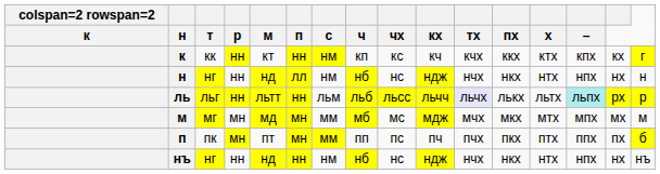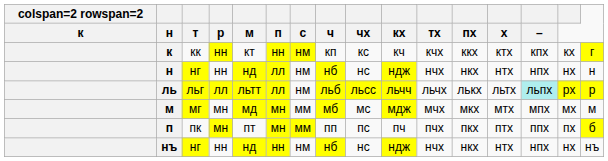 <table class=wikitable width=800 style="text-align:center">
 <tr>
 <th>colspan=2 rowspan=2 </th>
 <th></th>
 <th></th>
 <th></th>
 <th></th>
 <th></th>
 <th></th>
 <th></th>
 <th></th>
 <th></th>
 <th></th>
 <th></th>
 <th></th>
 <th></th>
 <th></th>
 </tr>
 <tr>
 <th>к</th>
 <th>н</th>
 <th>т</th>
 <th>р</th>
 <th>м</th>
 <th>п</th>
 <th>с</th>
 <th>ч</th>
 <th>чх</th>
 <th>кх</th>
 <th>тх</th>
 <th>пх</th>
 <th>х</th>
 <th>–</th>
 </tr>
 <tr>
 <th></th>
 <th>к</th>
 <td>кк</td>
 <td bgcolor=yellow>нн</td>
 <td>кт</td>
 <td bgcolor=yellow>нн</td>
 <td bgcolor=yellow>нм</td>
 <td>кп</td>
 <td>кс</td>
 <td>кч</td>
 <td>кчх</td>
 <td>ккх</td>
 <td>ктх</td>
 <td>кпх</td>
 <td>кх</td>
 <td bgcolor=yellow>г</td>
 </tr>
 <tr>
 <th></th>
 <th>н</th>
 <td bgcolor=yellow>нг</td>
 <td>нн</td>
 <td bgcolor=yellow>нд</td>
 <td bgcolor=yellow>лл</td>
 <td>нм</td>
 <td bgcolor=yellow>нб</td>
 <td>нс</td>
 <td bgcolor=yellow>ндж</td>
 <td>нчх</td>
 <td>нкх</td>
 <td>нтх</td>
 <td>нпх</td>
 <td>нх</td>
 <td>н</td>
 </tr>
 <tr>
 <th></th>
 <th>ль</th>
 <td bgcolor=yellow>льг</td>
-<td bgcolor=yellow>нн</td>
+<td bgcolor=yellow>лл</td>
 <td bgcolor=yellow>льтт</td>
-<td bgcolor=yellow>нн</td>
-<td>льм</td>
+<td bgcolor=yellow>лл</td>
+<td>нм</td>
 <td bgcolor=yellow>льб</td>
 <td bgcolor=yellow>льсс</td>
 <td bgcolor=yellow>льчч</td>
-<td style="background: lavender;">льчх</td>
+<td>льчх</td>
 <td>лькх</td>
 <td>льтх</td>
 <td style="background: paleturquoise;">льпх</td>
 <td bgcolor=yellow>рх</td>
 <td bgcolor=yellow>р</td>
 </tr>
 <tr>
 <th></th>
 <th>м</th>
 <td bgcolor=yellow>мг</td>
 <td>мн</td>
 <td bgcolor=yellow>мд</td>
 <td bgcolor=yellow>мн</td>
 <td>мм</td>
 <td bgcolor=yellow>мб</td>
 <td>мс</td>
 <td bgcolor=yellow>мдж</td>
 <td>мчх</td>
 <td>мкх</td>
 <td>мтх</td>
 <td>мпх</td>
 <td>мх</td>
 <td>м</td>
 </tr>
 <tr>
 <th></th>
 <th>п</th>
 <td>пк</td>
 <td bgcolor=yellow>мн</td>
 <td>пт</td>
 <td bgcolor=yellow>мн</td>
 <td bgcolor=yellow>мм</td>
 <td>пп</td>
 <td>пс</td>
 <td>пч</td>
 <td>пчх</td>
 <td>пкх</td>
 <td>птх</td>
 <td>ппх</td>
 <td>пх</td>
 <td bgcolor=yellow>б</td>
 </tr>
 <tr>
 <th></th>
 <th>нъ</th>
 <td bgcolor=yellow>нг</td>
 <td>нн</td>
 <td bgcolor=yellow>нд</td>
 <td bgcolor=yellow>нн</td>
 <td>нм</td>
 <td bgcolor=yellow>нб</td>
 <td>нс</td>
 <td bgcolor=yellow>ндж</td>
 <td>нчх</td>
 <td>нкх</td>
 <td>нтх</td>
 <td>нпх</td>
 <td>нх</td>
 <td>нъ</td>
 </tr>
 </table>
